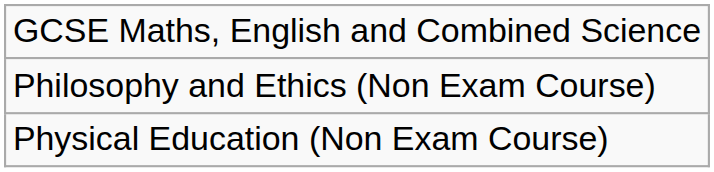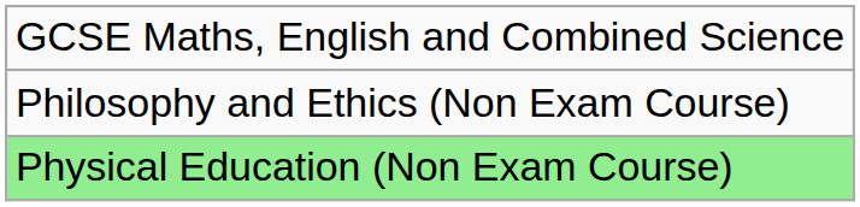 <table class="wikitable" style="text-align:left">
 <tr>
 <td>GCSE Maths, English and Combined Science</td>
 </tr>
 <tr>
 <td>Philosophy and Ethics (Non Exam Course)</td>
 </tr>
 <tr>
-<td>Physical Education (Non Exam Course)</td>
+<td style="background: lightgreen;">Physical Education (Non Exam Course)</td>
 </tr>
 </table>
